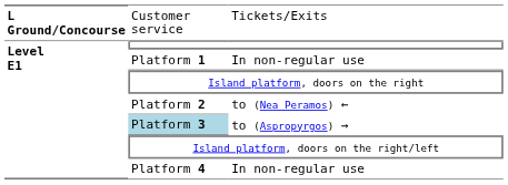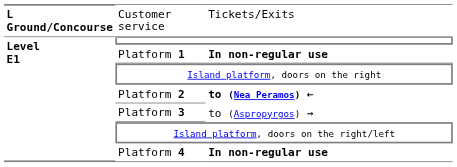 <table table border=0 cellspacing=0 cellpadding=3>
 <tr>
 <td style="border-bottom:solid 1px gray;border-top:solid 2px gray;" width=50 valign=top><strong>L<br>Ground/Concourse</strong></td>
 <td style="border-top:solid 1px gray;border-bottom:solid 1px gray;" width=100 valign=top>Customer service</td>
 <td style="border-top:solid 1px gray;border-bottom:solid 1px gray;" width=285 valign=top>Tickets/Exits</td>
 </tr>
 <tr>
 <td style="border-bottom:solid 2px gray;" rowspan=12 valign=top><strong>Level<br>Ε1</strong></td>
 <td style="border-top:solid 1px gray;border-right:solid 2px gray;border-left:solid 2px gray;border-bottom:solid 2px gray;text-align:center;" colspan=2></td>
 </tr>
 <tr>
 <td style="border-bottom:solid 1px gray;">Platform <strong>1</strong></td>
-<td style="border-bottom:solid 1px gray;">In non-regular use</td>
+<td style="border-bottom:solid 1px gray;"><strong>In non-regular use</strong></td>
 </tr>
 <tr>
 <td style="border-top:solid 2px gray;border-right:solid 2px gray;border-left:solid 2px gray;border-bottom:solid 2px gray;text-align:center;" colspan=2><small><a href='#'>Island platform</a>, doors on the right</small></td>
 </tr>
 <tr>
 <td style="border-bottom:solid 1px gray;">Platform <strong>2</strong></td>
-<td> to  <small>(<a href='#'>Nea Peramos</a>)</small> ←</td>
+<td><strong> to  <small>(<a href='#'>Nea Peramos</a>)</small> ←</strong></td>
 </tr>
 <tr>
-<td style="background: lightblue; border-bottom:solid 1px gray;">Platform <strong>3</strong></td>
+<td style="border-bottom:solid 1px gray;">Platform <strong>3</strong></td>
 <td> to  <small>(<a href='#'>Aspropyrgos</a>)</small> →</td>
 </tr>
 <tr>
 <td style="border-top:solid 2px gray;border-right:solid 2px gray;border-left:solid 2px gray;border-bottom:solid 2px gray;text-align:center;" colspan=2><small><a href='#'>Island platform</a>, doors on the right/left</small></td>
 </tr>
 <tr>
 <td style="border-bottom:solid 1px gray;">Platform <strong>4</strong></td>
-<td style="border-bottom:solid 1px gray;">In non-regular use</td>
+<td style="border-bottom:solid 1px gray;"><strong>In non-regular use</strong></td>
 </tr>
 <tr>
 </tr>
 </table>
